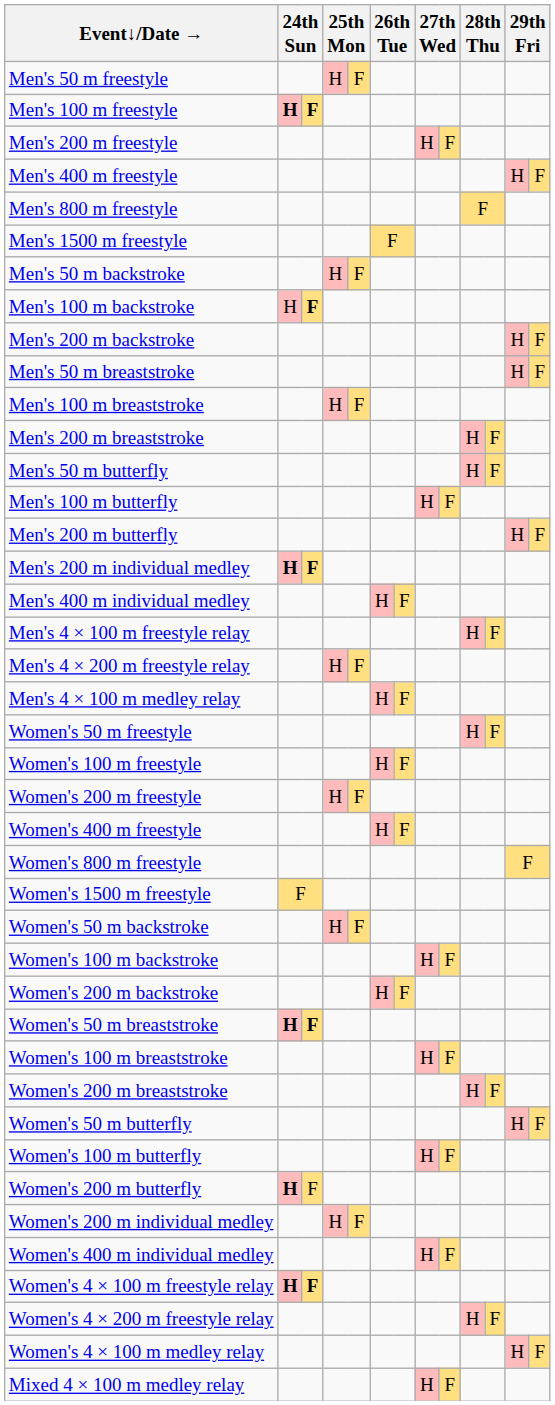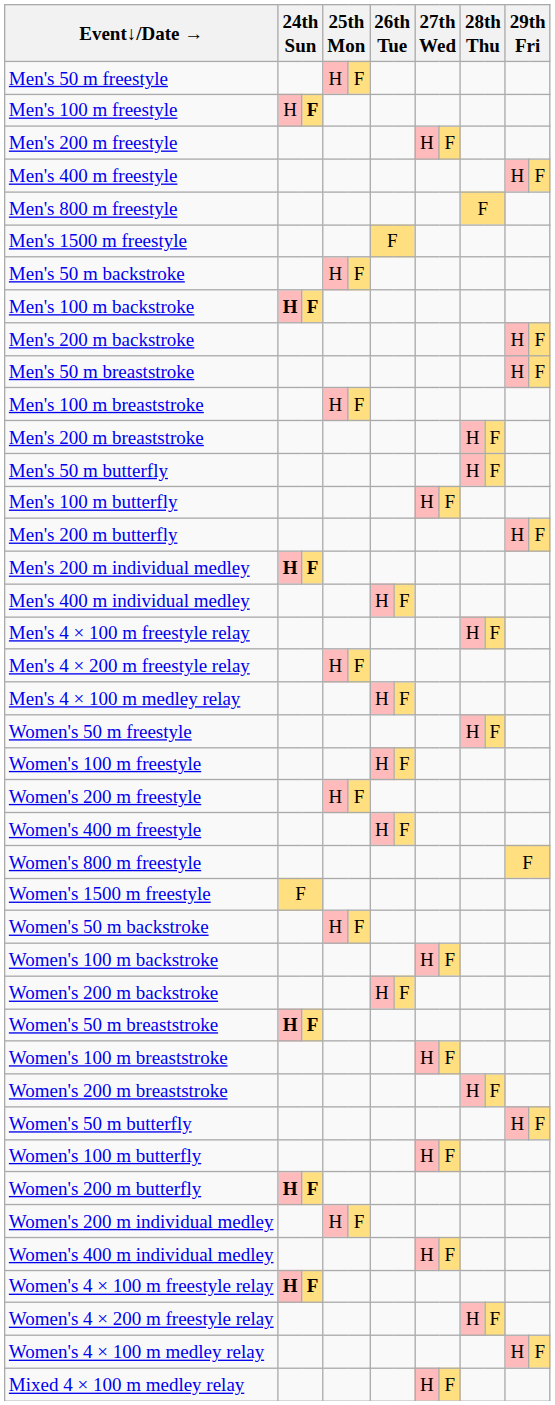 <table class="wikitable" style="margin:0.5em auto; font-size:90%; line-height:1.25em; text-align:center;">
 <tr>
 <th>Event↓/Date →</th>
 <th colspan=2>24th<br>Sun</th>
 <th colspan=2>25th<br>Mon</th>
 <th colspan=2>26th<br>Tue</th>
 <th colspan=2>27th<br>Wed</th>
 <th colspan=2>28th<br>Thu</th>
 <th colspan=2>29th<br>Fri</th>
 </tr>
 <tr>
 <td align=left><a href='#'>Men's 50 m freestyle</a></td>
 <td colspan=2></td>
 <td bgcolor="#FFBBBB">H</td>
 <td bgcolor="#FFDF80">F</td>
 <td colspan=2></td>
 <td colspan=2></td>
 <td colspan=2></td>
 <td colspan=2></td>
 </tr>
 <tr>
 <td align=left><a href='#'>Men's 100 m freestyle</a></td>
-<td bgcolor="#FFBBBB"><strong>H</strong></td>
+<td bgcolor="#FFBBBB">H</td>
 <td bgcolor="#FFDF80"><strong>F</strong></td>
 <td colspan=2></td>
 <td colspan=2></td>
 <td colspan=2></td>
 <td colspan=2></td>
 <td colspan=2></td>
 </tr>
 <tr>
 <td align=left><a href='#'>Men's 200 m freestyle</a></td>
 <td colspan=2></td>
 <td colspan=2></td>
 <td colspan=2></td>
 <td bgcolor="#FFBBBB">H</td>
 <td bgcolor="#FFDF80">F</td>
 <td colspan=2></td>
 <td colspan=2></td>
 </tr>
 <tr>
 <td align=left><a href='#'>Men's 400 m freestyle</a></td>
 <td colspan=2></td>
 <td colspan=2></td>
 <td colspan=2></td>
 <td colspan=2></td>
 <td colspan=2></td>
 <td bgcolor="#FFBBBB">H</td>
 <td bgcolor="#FFDF80">F</td>
 </tr>
 <tr>
 <td align=left><a href='#'>Men's 800 m freestyle</a></td>
 <td colspan=2></td>
 <td colspan=2></td>
 <td colspan=2></td>
 <td colspan=2></td>
 <td colspan=2 bgcolor="#FFDF80">F</td>
 <td colspan=2></td>
 </tr>
 <tr>
 <td align=left><a href='#'>Men's 1500 m freestyle</a></td>
 <td colspan=2></td>
 <td colspan=2></td>
 <td colspan=2 bgcolor="#FFDF80">F</td>
 <td colspan=2></td>
 <td colspan=2></td>
 <td colspan=2></td>
 </tr>
 <tr>
 <td align=left><a href='#'>Men's 50 m backstroke</a></td>
 <td colspan=2></td>
 <td bgcolor="#FFBBBB">H</td>
 <td bgcolor="#FFDF80">F</td>
 <td colspan=2></td>
 <td colspan=2></td>
 <td colspan=2></td>
 <td colspan=2></td>
 </tr>
 <tr>
 <td align=left><a href='#'>Men's 100 m backstroke</a></td>
-<td bgcolor="#FFBBBB">H</td>
+<td bgcolor="#FFBBBB"><strong>H</strong></td>
 <td bgcolor="#FFDF80"><strong>F</strong></td>
 <td colspan=2></td>
 <td colspan=2></td>
 <td colspan=2></td>
 <td colspan=2></td>
 <td colspan=2></td>
 </tr>
 <tr>
 <td align=left><a href='#'>Men's 200 m backstroke</a></td>
 <td colspan=2></td>
 <td colspan=2></td>
 <td colspan=2></td>
 <td colspan=2></td>
 <td colspan=2></td>
 <td bgcolor="#FFBBBB">H</td>
 <td bgcolor="#FFDF80">F</td>
 </tr>
 <tr>
 <td align=left><a href='#'>Men's 50 m breaststroke</a></td>
 <td colspan=2></td>
 <td colspan=2></td>
 <td colspan=2></td>
 <td colspan=2></td>
 <td colspan=2></td>
 <td bgcolor="#FFBBBB">H</td>
 <td bgcolor="#FFDF80">F</td>
 </tr>
 <tr>
 <td align=left><a href='#'>Men's 100 m breaststroke</a></td>
 <td colspan=2></td>
 <td bgcolor="#FFBBBB">H</td>
 <td bgcolor="#FFDF80">F</td>
 <td colspan=2></td>
 <td colspan=2></td>
 <td colspan=2></td>
 <td colspan=2></td>
 </tr>
 <tr>
 <td align=left><a href='#'>Men's 200 m breaststroke</a></td>
 <td colspan=2></td>
 <td colspan=2></td>
 <td colspan=2></td>
 <td colspan=2></td>
 <td bgcolor="#FFBBBB">H</td>
 <td bgcolor="#FFDF80">F</td>
 <td colspan=2></td>
 </tr>
 <tr>
 <td align=left><a href='#'>Men's 50 m butterfly</a></td>
 <td colspan=2></td>
 <td colspan=2></td>
 <td colspan=2></td>
 <td colspan=2></td>
 <td bgcolor="#FFBBBB">H</td>
 <td bgcolor="#FFDF80">F</td>
 <td colspan=2></td>
 </tr>
 <tr>
 <td align=left><a href='#'>Men's 100 m butterfly</a></td>
 <td colspan=2></td>
 <td colspan=2></td>
 <td colspan=2></td>
 <td bgcolor="#FFBBBB">H</td>
 <td bgcolor="#FFDF80">F</td>
 <td colspan=2></td>
 <td colspan=2></td>
 </tr>
 <tr>
 <td align=left><a href='#'>Men's 200 m butterfly</a></td>
 <td colspan=2></td>
 <td colspan=2></td>
 <td colspan=2></td>
 <td colspan=2></td>
 <td colspan=2></td>
 <td bgcolor="#FFBBBB">H</td>
 <td bgcolor="#FFDF80">F</td>
 </tr>
 <tr>
 <td align=left><a href='#'>Men's 200 m individual medley</a></td>
 <td bgcolor="#FFBBBB"><strong>H</strong></td>
 <td bgcolor="#FFDF80"><strong>F</strong></td>
 <td colspan=2></td>
 <td colspan=2></td>
 <td colspan=2></td>
 <td colspan=2></td>
 <td colspan=2></td>
 </tr>
 <tr>
 <td align=left><a href='#'>Men's 400 m individual medley</a></td>
 <td colspan=2></td>
 <td colspan=2></td>
 <td bgcolor="#FFBBBB">H</td>
 <td bgcolor="#FFDF80">F</td>
 <td colspan=2></td>
 <td colspan=2></td>
 <td colspan=2></td>
 </tr>
 <tr>
 <td align=left><a href='#'>Men's 4 × 100 m freestyle relay</a></td>
 <td colspan=2></td>
 <td colspan=2></td>
 <td colspan=2></td>
 <td colspan=2></td>
 <td bgcolor="#FFBBBB">H</td>
 <td bgcolor="#FFDF80">F</td>
 <td colspan=2></td>
 </tr>
 <tr>
 <td align=left><a href='#'>Men's 4 × 200 m freestyle relay</a></td>
 <td colspan=2></td>
 <td bgcolor="#FFBBBB">H</td>
 <td bgcolor="#FFDF80">F</td>
 <td colspan=2></td>
 <td colspan=2></td>
 <td colspan=2></td>
 <td colspan=2></td>
 </tr>
 <tr>
 <td align=left><a href='#'>Men's 4 × 100 m medley relay</a></td>
 <td colspan=2></td>
 <td colspan=2></td>
 <td bgcolor="#FFBBBB">H</td>
 <td bgcolor="#FFDF80">F</td>
 <td colspan=2></td>
 <td colspan=2></td>
 <td colspan=2></td>
 </tr>
 <tr>
 <td align=left><a href='#'>Women's 50 m freestyle</a></td>
 <td colspan=2></td>
 <td colspan=2></td>
 <td colspan=2></td>
 <td colspan=2></td>
 <td bgcolor="#FFBBBB">H</td>
 <td bgcolor="#FFDF80">F</td>
 <td colspan=2></td>
 </tr>
 <tr>
 <td align=left><a href='#'>Women's 100 m freestyle</a></td>
 <td colspan=2></td>
 <td colspan=2></td>
 <td bgcolor="#FFBBBB">H</td>
 <td bgcolor="#FFDF80">F</td>
 <td colspan=2></td>
 <td colspan=2></td>
 <td colspan=2></td>
 </tr>
 <tr>
 <td align=left><a href='#'>Women's 200 m freestyle</a></td>
 <td colspan=2></td>
 <td bgcolor="#FFBBBB">H</td>
 <td bgcolor="#FFDF80">F</td>
 <td colspan=2></td>
 <td colspan=2></td>
 <td colspan=2></td>
 <td colspan=2></td>
 </tr>
 <tr>
 <td align=left><a href='#'>Women's 400 m freestyle</a></td>
 <td colspan=2></td>
 <td colspan=2></td>
 <td bgcolor="#FFBBBB">H</td>
 <td bgcolor="#FFDF80">F</td>
 <td colspan=2></td>
 <td colspan=2></td>
 <td colspan=2></td>
 </tr>
 <tr>
 <td align=left><a href='#'>Women's 800 m freestyle</a></td>
 <td colspan=2></td>
 <td colspan=2></td>
 <td colspan=2></td>
 <td colspan=2></td>
 <td colspan=2></td>
 <td colspan=2 bgcolor="#FFDF80">F</td>
 </tr>
 <tr>
 <td align=left><a href='#'>Women's 1500 m freestyle</a></td>
 <td colspan=2 bgcolor="#FFDF80">F</td>
 <td colspan=2></td>
 <td colspan=2></td>
 <td colspan=2></td>
 <td colspan=2></td>
 <td colspan=2></td>
 </tr>
 <tr>
 <td align=left><a href='#'>Women's 50 m backstroke</a></td>
 <td colspan=2></td>
 <td bgcolor="#FFBBBB">H</td>
 <td bgcolor="#FFDF80">F</td>
 <td colspan=2></td>
 <td colspan=2></td>
 <td colspan=2></td>
 <td colspan=2></td>
 </tr>
 <tr>
 <td align=left><a href='#'>Women's 100 m backstroke</a></td>
 <td colspan=2></td>
 <td colspan=2></td>
 <td colspan=2></td>
 <td bgcolor="#FFBBBB">H</td>
 <td bgcolor="#FFDF80">F</td>
 <td colspan=2></td>
 <td colspan=2></td>
 </tr>
 <tr>
 <td align=left><a href='#'>Women's 200 m backstroke</a></td>
 <td colspan=2></td>
 <td colspan=2></td>
 <td bgcolor="#FFBBBB">H</td>
 <td bgcolor="#FFDF80">F</td>
 <td colspan=2></td>
 <td colspan=2></td>
 <td colspan=2></td>
 </tr>
 <tr>
 <td align=left><a href='#'>Women's 50 m breaststroke</a></td>
 <td bgcolor="#FFBBBB"><strong>H</strong></td>
 <td bgcolor="#FFDF80"><strong>F</strong></td>
 <td colspan=2></td>
 <td colspan=2></td>
 <td colspan=2></td>
 <td colspan=2></td>
 <td colspan=2></td>
 </tr>
 <tr>
 <td align=left><a href='#'>Women's 100 m breaststroke</a></td>
 <td colspan=2></td>
 <td colspan=2></td>
 <td colspan=2></td>
 <td bgcolor="#FFBBBB">H</td>
 <td bgcolor="#FFDF80">F</td>
 <td colspan=2></td>
 <td colspan=2></td>
 </tr>
 <tr>
 <td align=left><a href='#'>Women's 200 m breaststroke</a></td>
 <td colspan=2></td>
 <td colspan=2></td>
 <td colspan=2></td>
 <td colspan=2></td>
 <td bgcolor="#FFBBBB">H</td>
 <td bgcolor="#FFDF80">F</td>
 <td colspan=2></td>
 </tr>
 <tr>
 <td align=left><a href='#'>Women's 50 m butterfly</a></td>
 <td colspan=2></td>
 <td colspan=2></td>
 <td colspan=2></td>
 <td colspan=2></td>
 <td colspan=2></td>
 <td bgcolor="#FFBBBB">H</td>
 <td bgcolor="#FFDF80">F</td>
 </tr>
 <tr>
 <td align=left><a href='#'>Women's 100 m butterfly</a></td>
 <td colspan=2></td>
 <td colspan=2></td>
 <td colspan=2></td>
 <td bgcolor="#FFBBBB">H</td>
 <td bgcolor="#FFDF80">F</td>
 <td colspan=2></td>
 <td colspan=2></td>
 </tr>
 <tr>
 <td align=left><a href='#'>Women's 200 m butterfly</a></td>
 <td bgcolor="#FFBBBB"><strong>H</strong></td>
-<td bgcolor="#FFDF80">F</td>
+<td bgcolor="#FFDF80"><strong>F</strong></td>
 <td colspan=2></td>
 <td colspan=2></td>
 <td colspan=2></td>
 <td colspan=2></td>
 <td colspan=2></td>
 </tr>
 <tr>
 <td align=left><a href='#'>Women's 200 m individual medley</a></td>
 <td colspan=2></td>
 <td bgcolor="#FFBBBB">H</td>
 <td bgcolor="#FFDF80">F</td>
 <td colspan=2></td>
 <td colspan=2></td>
 <td colspan=2></td>
 <td colspan=2></td>
 </tr>
 <tr>
 <td align=left><a href='#'>Women's 400 m individual medley</a></td>
 <td colspan=2></td>
 <td colspan=2></td>
 <td colspan=2></td>
 <td bgcolor="#FFBBBB">H</td>
 <td bgcolor="#FFDF80">F</td>
 <td colspan=2></td>
 <td colspan=2></td>
 </tr>
 <tr>
 <td align=left><a href='#'>Women's 4 × 100 m freestyle relay</a></td>
 <td bgcolor="#FFBBBB"><strong>H</strong></td>
 <td bgcolor="#FFDF80"><strong>F</strong></td>
 <td colspan=2></td>
 <td colspan=2></td>
 <td colspan=2></td>
 <td colspan=2></td>
 <td colspan=2></td>
 </tr>
 <tr>
 <td align=left><a href='#'>Women's 4 × 200 m freestyle relay</a></td>
 <td colspan=2></td>
 <td colspan=2></td>
 <td colspan=2></td>
 <td colspan=2></td>
 <td bgcolor="#FFBBBB">H</td>
 <td bgcolor="#FFDF80">F</td>
 <td colspan=2></td>
 </tr>
 <tr>
 <td align=left><a href='#'>Women's 4 × 100 m medley relay</a></td>
 <td colspan=2></td>
 <td colspan=2></td>
 <td colspan=2></td>
 <td colspan=2></td>
 <td colspan=2></td>
 <td bgcolor="#FFBBBB">H</td>
 <td bgcolor="#FFDF80">F</td>
 </tr>
 <tr>
 <td align=left><a href='#'>Mixed 4 × 100 m medley relay</a></td>
 <td colspan=2></td>
 <td colspan=2></td>
 <td colspan=2></td>
 <td bgcolor="#FFBBBB">H</td>
 <td bgcolor="#FFDF80">F</td>
 <td colspan=2></td>
 <td colspan=2></td>
 </tr>
 </table>
